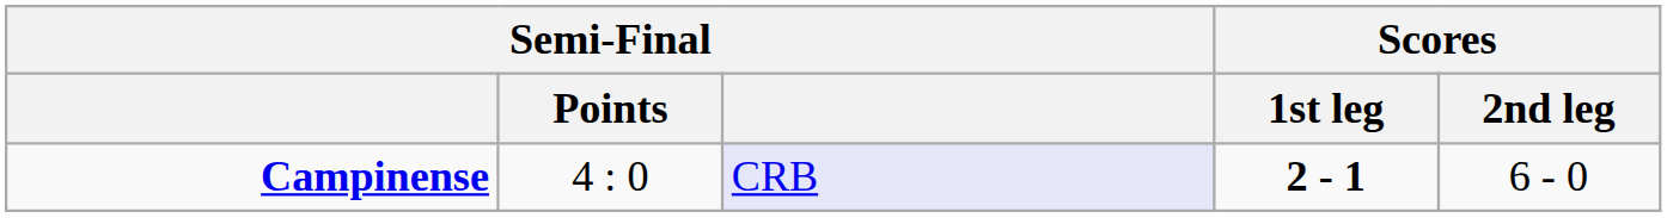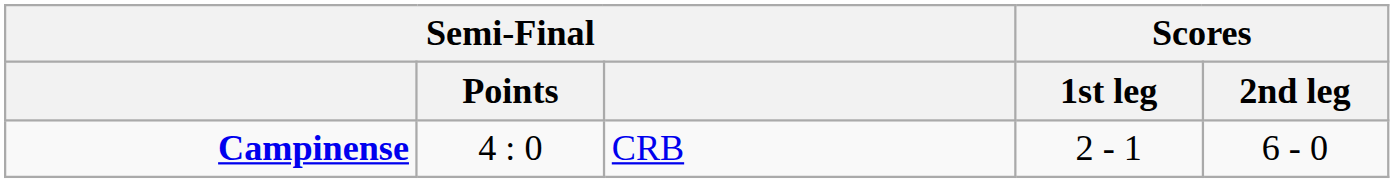 <table class="wikitable" style="text-align:center;">
 <tr>
 <th colspan=3>Semi-Final</th>
 <th colspan=3>Scores</th>
 </tr>
 <tr>
 <th width="175"></th>
 <th width="75">Points</th>
 <th width="175"></th>
 <th width="75">1st leg</th>
 <th width="75">2nd leg</th>
 </tr>
 <tr>
 <td align=right><strong><a href='#'>Campinense</a></strong></td>
 <td>4 : 0</td>
-<td align=left style="background: lavender;"><a href='#'>CRB</a></td>
-<td><strong>2 - 1</strong></td>
+<td align=left><a href='#'>CRB</a></td>
+<td>2 - 1</td>
 <td>6 - 0</td>
 </tr>
 </table>
